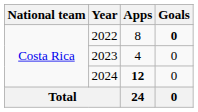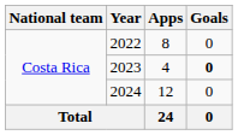 <table class=wikitable style=text-align:center>
 <tr>
 <th>National team</th>
 <th>Year</th>
 <th>Apps</th>
 <th>Goals</th>
 </tr>
 <tr>
 <td rowspan="3"><a href='#'>Costa Rica</a></td>
 <td>2022</td>
 <td>8</td>
-<td><strong>0</strong></td>
+<td>0</td>
 </tr>
 <tr>
 <td>2023</td>
 <td>4</td>
-<td>0</td>
+<td><strong>0</strong></td>
 </tr>
 <tr>
 <td>2024</td>
-<td><strong>12</strong></td>
+<td>12</td>
 <td>0</td>
 </tr>
 <tr>
 <th colspan=2>Total</th>
 <th>24</th>
 <th>0</th>
 </tr>
 </table>
